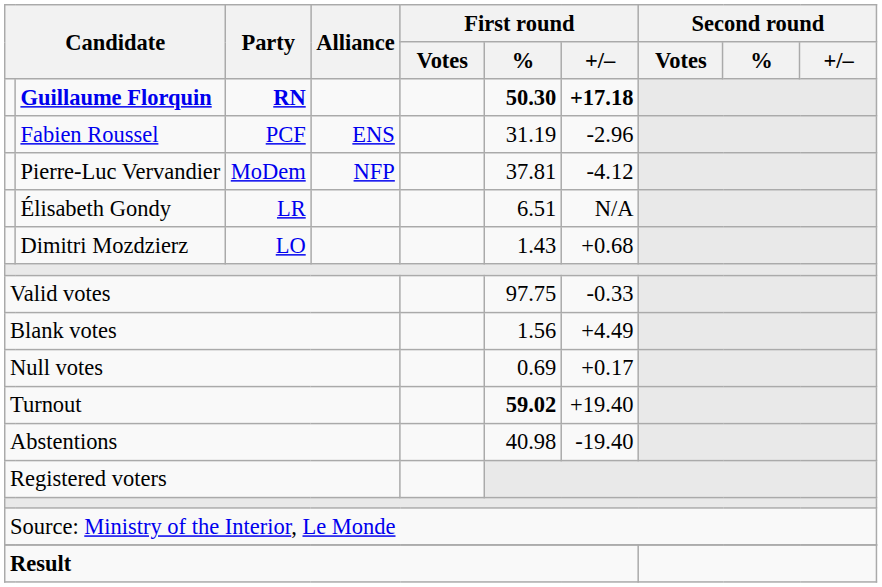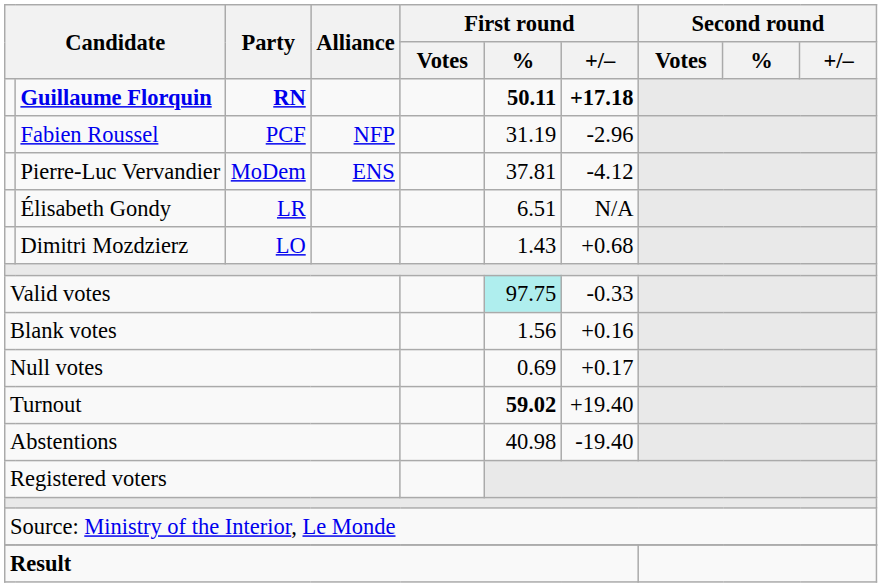 <table class="wikitable" style="text-align:right;font-size:95%;">
 <tr>
 <th rowspan="2" colspan="2">Candidate</th>
 <th rowspan="2">Party</th>
 <th rowspan="2">Alliance</th>
 <th colspan="3">First round</th>
 <th colspan="3">Second round</th>
 </tr>
 <tr>
 <th style="width:50px;">Votes</th>
 <th style="width:45px;">%</th>
 <th style="width:45px;">+/–</th>
 <th style="width:50px;">Votes</th>
 <th style="width:45px;">%</th>
 <th style="width:45px;">+/–</th>
 </tr>
 <tr>
 <td style="color:inherit;background:"></td>
 <td style="text-align:left;"><strong><a href='#'>Guillaume Florquin</a></strong></td>
 <td><a href='#'><strong>RN</strong></a></td>
 <td></td>
 <td><strong></strong></td>
-<td><strong>50.30</strong></td>
+<td><strong>50.11</strong></td>
 <td><strong>+17.18</strong></td>
 <td colspan="3" style="background:#E9E9E9;"></td>
 </tr>
 <tr>
 <td style="color:inherit;background:"></td>
 <td style="text-align:left;"><a href='#'>Fabien Roussel</a></td>
 <td><a href='#'>PCF</a></td>
-<td><a href='#'>ENS</a></td>
+<td><a href='#'>NFP</a></td>
 <td></td>
 <td>31.19</td>
 <td>-2.96</td>
 <td colspan="3" style="background:#E9E9E9;"></td>
 </tr>
 <tr>
 <td style="color:inherit;background:"></td>
 <td style="text-align:left;">Pierre-Luc Vervandier</td>
 <td><a href='#'>MoDem</a></td>
-<td><a href='#'>NFP</a></td>
+<td><a href='#'>ENS</a></td>
 <td></td>
 <td>37.81</td>
 <td>-4.12</td>
 <td colspan="3" style="background:#E9E9E9;"></td>
 </tr>
 <tr>
 <td style="color:inherit;background:"></td>
 <td style="text-align:left;">Élisabeth Gondy</td>
 <td><a href='#'>LR</a></td>
 <td></td>
 <td></td>
 <td>6.51</td>
 <td>N/A</td>
 <td colspan="3" style="background:#E9E9E9;"></td>
 </tr>
 <tr>
 <td style="color:inherit;background:"></td>
 <td style="text-align:left;">Dimitri Mozdzierz</td>
 <td><a href='#'>LO</a></td>
 <td></td>
 <td></td>
 <td>1.43</td>
 <td>+0.68</td>
 <td colspan="3" style="background:#E9E9E9;"></td>
 </tr>
 <tr>
 <td colspan="10" style="background:#E9E9E9;"></td>
 </tr>
 <tr>
 <td colspan="4" style="text-align:left;">Valid votes</td>
 <td></td>
-<td>97.75</td>
+<td style="background: paleturquoise;">97.75</td>
 <td>-0.33</td>
 <td colspan="3" style="background:#E9E9E9;"></td>
 </tr>
 <tr>
 <td colspan="4" style="text-align:left;">Blank votes</td>
 <td></td>
 <td>1.56</td>
-<td>+4.49</td>
+<td>+0.16</td>
 <td colspan="3" style="background:#E9E9E9;"></td>
 </tr>
 <tr>
 <td colspan="4" style="text-align:left;">Null votes</td>
 <td></td>
 <td>0.69</td>
 <td>+0.17</td>
 <td colspan="3" style="background:#E9E9E9;"></td>
 </tr>
 <tr>
 <td colspan="4" style="text-align:left;">Turnout</td>
 <td></td>
 <td><strong>59.02</strong></td>
 <td>+19.40</td>
 <td colspan="3" style="background:#E9E9E9;"></td>
 </tr>
 <tr>
 <td colspan="4" style="text-align:left;">Abstentions</td>
 <td></td>
 <td>40.98</td>
 <td>-19.40</td>
 <td colspan="3" style="background:#E9E9E9;"></td>
 </tr>
 <tr>
 <td colspan="4" style="text-align:left;">Registered voters</td>
 <td></td>
 <td colspan="5" style="background:#E9E9E9;"></td>
 </tr>
 <tr>
 <td colspan="10" style="background:#E9E9E9;"></td>
 </tr>
 <tr>
 <td colspan="10" style="text-align:left;">Source: <a href='#'>Ministry of the Interior</a>, <a href='#'>Le Monde</a></td>
 </tr>
 <tr>
 </tr>
 <tr style="font-weight:bold">
 <td colspan="7" style="text-align:left;">Result</td>
 <td colspan="7" style="background-color:"></td>
 </tr>
 </table>
